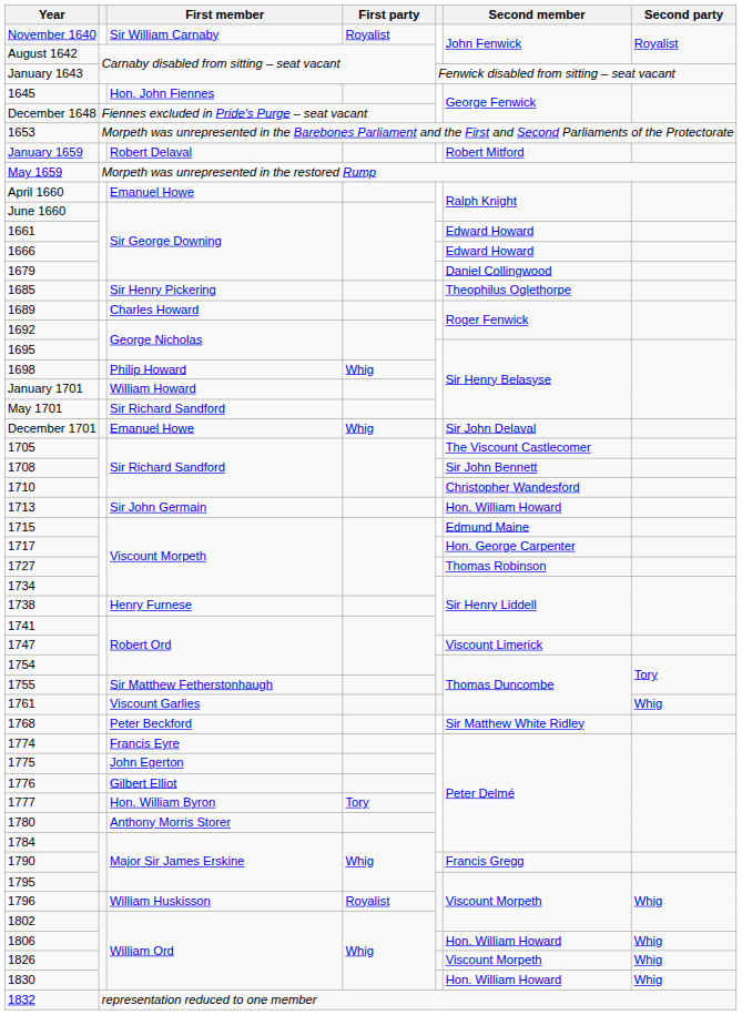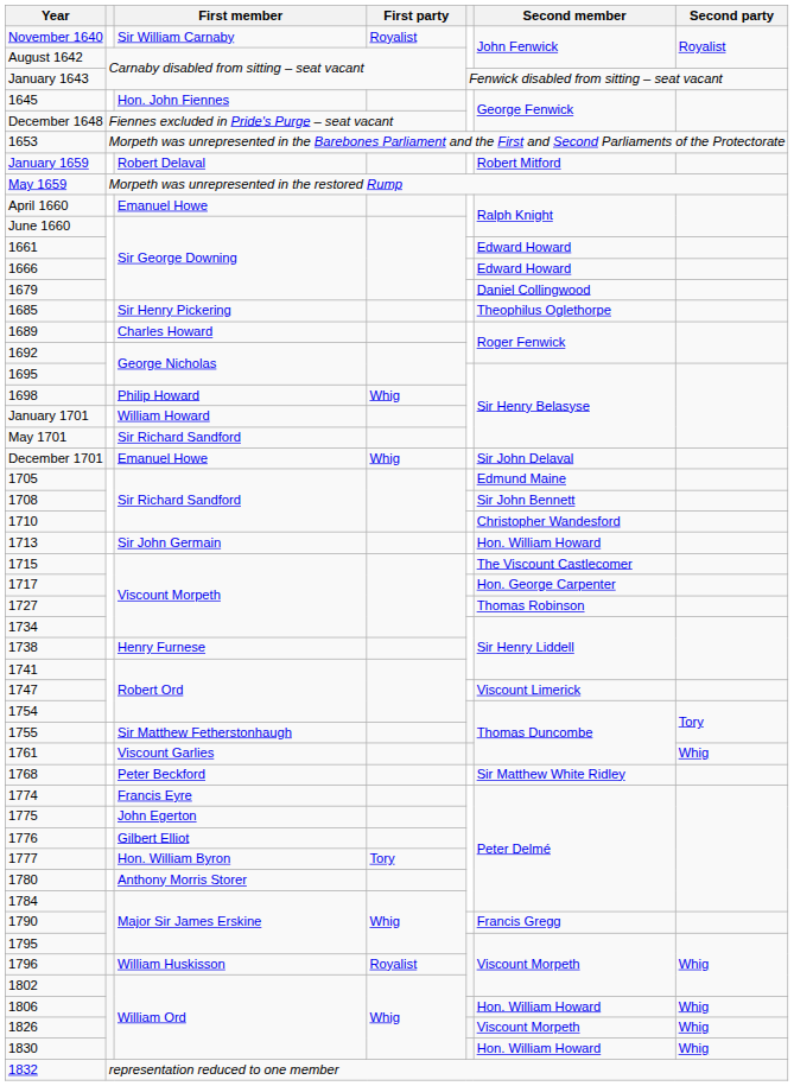 <table class="wikitable">
 <tr>
 <th>Year</th>
 <th></th>
 <th>First member</th>
 <th>First party</th>
 <th></th>
 <th>Second member</th>
 <th>Second party</th>
 </tr>
 <tr>
 <td><a href='#'>November 1640</a></td>
 <td style="color:inherit;background-color: white"></td>
 <td><a href='#'>Sir William Carnaby</a></td>
 <td><a href='#'>Royalist</a></td>
 <td rowspan="2" style="color:inherit;background-color: white"></td>
 <td rowspan="2"><a href='#'>John Fenwick</a></td>
 <td rowspan="2"><a href='#'>Royalist</a></td>
 </tr>
 <tr>
 <td>August 1642</td>
 <td rowspan="2" colspan="3"><em>Carnaby disabled from sitting – seat vacant</em></td>
 </tr>
 <tr>
 <td>January 1643</td>
 <td colspan="3"><em>Fenwick disabled from sitting – seat vacant</em></td>
 </tr>
 <tr>
 <td>1645</td>
 <td style="color:inherit;background-color: white"></td>
 <td><a href='#'>Hon. John Fiennes</a></td>
 <td></td>
 <td rowspan="2" style="color:inherit;background-color: white"></td>
 <td rowspan="2"><a href='#'>George Fenwick</a></td>
 <td rowspan="2"></td>
 </tr>
 <tr>
 <td>December 1648</td>
 <td colspan="3"><em>Fiennes excluded in <a href='#'>Pride's Purge</a> – seat vacant</em></td>
 </tr>
 <tr>
 <td>1653</td>
 <td colspan="6"><em>Morpeth was unrepresented in the <a href='#'>Barebones Parliament</a> and the <a href='#'>First</a> and <a href='#'>Second</a> Parliaments of the Protectorate</em></td>
 </tr>
 <tr>
 <td><a href='#'>January 1659</a></td>
 <td style="color:inherit;background-color: white"></td>
 <td><a href='#'>Robert Delaval</a></td>
 <td></td>
 <td style="color:inherit;background-color: white"></td>
 <td><a href='#'>Robert Mitford</a></td>
 <td></td>
 </tr>
 <tr>
 <td><a href='#'>May 1659</a></td>
 <td colspan="6"><em>Morpeth was unrepresented in the restored <a href='#'>Rump</a></em></td>
 </tr>
 <tr>
 <td>April 1660</td>
 <td style="color:inherit;background-color: white"></td>
 <td><a href='#'>Emanuel Howe</a></td>
 <td></td>
 <td rowspan="2" style="color:inherit;background-color: white"></td>
 <td rowspan="2"><a href='#'>Ralph Knight</a></td>
 <td rowspan="2"></td>
 </tr>
 <tr>
 <td>June 1660</td>
 <td rowspan="4" style="color:inherit;background-color: white"></td>
 <td rowspan="4"><a href='#'>Sir George Downing</a></td>
 <td rowspan="4"></td>
 </tr>
 <tr>
 <td>1661</td>
 <td style="color:inherit;background-color: white"></td>
 <td><a href='#'>Edward Howard</a></td>
 <td></td>
 </tr>
 <tr>
 <td>1666</td>
 <td style="color:inherit;background-color: white"></td>
 <td><a href='#'>Edward Howard</a></td>
 <td></td>
 </tr>
 <tr>
 <td>1679</td>
 <td style="color:inherit;background-color: white"></td>
 <td><a href='#'>Daniel Collingwood</a></td>
 <td></td>
 </tr>
 <tr>
 <td>1685</td>
 <td style="color:inherit;background-color: white"></td>
 <td><a href='#'>Sir Henry Pickering</a></td>
 <td></td>
 <td style="color:inherit;background-color: white"></td>
 <td><a href='#'>Theophilus Oglethorpe</a></td>
 <td></td>
 </tr>
 <tr>
 <td>1689</td>
 <td style="color:inherit;background-color: white"></td>
 <td><a href='#'>Charles Howard</a></td>
 <td></td>
 <td rowspan="2" style="color:inherit;background-color: white"></td>
 <td rowspan="2"><a href='#'>Roger Fenwick</a></td>
 <td rowspan="2"></td>
 </tr>
 <tr>
 <td>1692</td>
 <td rowspan="2" style="color:inherit;background-color: white"></td>
 <td rowspan="2"><a href='#'>George Nicholas</a></td>
 <td rowspan="2"></td>
 </tr>
 <tr>
 <td>1695</td>
 <td rowspan="4" style="color:inherit;background-color: white"></td>
 <td rowspan="4"><a href='#'>Sir Henry Belasyse</a></td>
 <td rowspan="4"></td>
 </tr>
 <tr>
 <td>1698</td>
 <td style="color:inherit;background-color: "></td>
 <td><a href='#'>Philip Howard</a></td>
 <td><a href='#'>Whig</a></td>
 </tr>
 <tr>
 <td>January 1701</td>
 <td style="color:inherit;background-color: white"></td>
 <td><a href='#'>William Howard</a></td>
 <td></td>
 </tr>
 <tr>
 <td>May 1701</td>
 <td style="color:inherit;background-color: white"></td>
 <td><a href='#'>Sir Richard Sandford</a></td>
 <td></td>
 </tr>
 <tr>
 <td>December 1701</td>
 <td style="color:inherit;background-color: "></td>
 <td><a href='#'>Emanuel Howe</a></td>
 <td><a href='#'>Whig</a></td>
 <td style="color:inherit;background-color: white"></td>
 <td><a href='#'>Sir John Delaval</a></td>
 <td></td>
 </tr>
 <tr>
 <td>1705</td>
 <td rowspan="3" style="color:inherit;background-color: white"></td>
 <td rowspan="3"><a href='#'>Sir Richard Sandford</a></td>
 <td rowspan="3"></td>
 <td style="color:inherit;background-color: white"></td>
-<td><a href='#'>The Viscount Castlecomer</a></td>
+<td><a href='#'>Edmund Maine</a></td>
 <td></td>
 </tr>
 <tr>
 <td>1708</td>
 <td style="color:inherit;background-color: white"></td>
 <td><a href='#'>Sir John Bennett</a></td>
 <td></td>
 </tr>
 <tr>
 <td>1710</td>
 <td style="color:inherit;background-color: white"></td>
 <td><a href='#'>Christopher Wandesford</a></td>
 <td></td>
 </tr>
 <tr>
 <td>1713</td>
 <td style="color:inherit;background-color: white"></td>
 <td><a href='#'>Sir John Germain</a></td>
 <td></td>
 <td style="color:inherit;background-color: white"></td>
 <td><a href='#'>Hon. William Howard</a></td>
 <td></td>
 </tr>
 <tr>
 <td>1715</td>
 <td rowspan="4" style="color:inherit;background-color: white"></td>
 <td rowspan="4"><a href='#'>Viscount Morpeth</a></td>
 <td rowspan="4"></td>
 <td style="color:inherit;background-color: white"></td>
-<td><a href='#'>Edmund Maine</a></td>
+<td><a href='#'>The Viscount Castlecomer</a></td>
 <td></td>
 </tr>
 <tr>
 <td>1717</td>
 <td style="color:inherit;background-color: white"></td>
 <td><a href='#'>Hon. George Carpenter</a></td>
 <td></td>
 </tr>
 <tr>
 <td>1727</td>
 <td style="color:inherit;background-color: white"></td>
 <td><a href='#'>Thomas Robinson</a></td>
 <td></td>
 </tr>
 <tr>
 <td>1734</td>
 <td rowspan="3" style="color:inherit;background-color: white"></td>
 <td rowspan="3"><a href='#'>Sir Henry Liddell</a></td>
 <td rowspan="3"></td>
 </tr>
 <tr>
 <td>1738</td>
 <td style="color:inherit;background-color: white"></td>
 <td><a href='#'>Henry Furnese</a></td>
 <td></td>
 </tr>
 <tr>
 <td>1741</td>
 <td rowspan="3" style="color:inherit;background-color: white"></td>
 <td rowspan="3"><a href='#'>Robert Ord</a></td>
 <td rowspan="3"></td>
 </tr>
 <tr>
 <td>1747</td>
 <td style="color:inherit;background-color: white"></td>
 <td><a href='#'>Viscount Limerick</a></td>
 <td></td>
 </tr>
 <tr>
 <td>1754</td>
 <td rowspan="2" style="color:inherit;background-color: "></td>
 <td rowspan="3"><a href='#'>Thomas Duncombe</a></td>
 <td rowspan="2"><a href='#'>Tory</a></td>
 </tr>
 <tr>
 <td>1755</td>
 <td style="color:inherit;background-color: white"></td>
 <td><a href='#'>Sir Matthew Fetherstonhaugh</a></td>
 <td></td>
 </tr>
 <tr>
 <td>1761</td>
 <td style="color:inherit;background-color: white"></td>
 <td><a href='#'>Viscount Garlies</a></td>
 <td></td>
 <td style="color:inherit;background-color: "></td>
 <td><a href='#'>Whig</a></td>
 </tr>
 <tr>
 <td>1768</td>
 <td style="color:inherit;background-color: white"></td>
 <td><a href='#'>Peter Beckford</a></td>
 <td></td>
 <td style="color:inherit;background-color: white"></td>
 <td><a href='#'>Sir Matthew White Ridley</a></td>
 <td></td>
 </tr>
 <tr>
 <td>1774</td>
 <td style="color:inherit;background-color: white"></td>
 <td><a href='#'>Francis Eyre</a></td>
 <td></td>
 <td rowspan="6" style="color:inherit;background-color: white"></td>
 <td rowspan="6"><a href='#'>Peter Delmé</a></td>
 <td rowspan="6"></td>
 </tr>
 <tr>
 <td>1775</td>
 <td style="color:inherit;background-color: white"></td>
 <td><a href='#'>John Egerton</a></td>
 <td></td>
 </tr>
 <tr>
 <td>1776</td>
 <td style="color:inherit;background-color: white"></td>
 <td><a href='#'>Gilbert Elliot</a></td>
 <td></td>
 </tr>
 <tr>
 <td>1777</td>
 <td style="color:inherit;background-color: "></td>
 <td><a href='#'>Hon. William Byron</a></td>
 <td><a href='#'>Tory</a></td>
 </tr>
 <tr>
 <td>1780</td>
 <td style="color:inherit;background-color: white"></td>
 <td><a href='#'>Anthony Morris Storer</a></td>
 <td></td>
 </tr>
 <tr>
 <td>1784</td>
 <td rowspan="3" style="color:inherit;background-color: "></td>
 <td rowspan="3"><a href='#'>Major Sir James Erskine</a></td>
 <td rowspan="3"><a href='#'>Whig</a></td>
 </tr>
 <tr>
 <td>1790</td>
 <td style="color:inherit;background-color: white"></td>
 <td><a href='#'>Francis Gregg</a></td>
 <td></td>
 </tr>
 <tr>
 <td>1795</td>
 <td rowspan="3" style="color:inherit;background-color: "></td>
 <td rowspan="3"><a href='#'>Viscount Morpeth</a></td>
 <td rowspan="3"><a href='#'>Whig</a></td>
 </tr>
 <tr>
 <td>1796</td>
 <td style="color:inherit;background-color: "></td>
 <td><a href='#'>William Huskisson</a></td>
 <td><a href='#'>Royalist</a></td>
 </tr>
 <tr>
 <td>1802</td>
 <td rowspan="4" style="color:inherit;background-color: "></td>
 <td rowspan="4"><a href='#'>William Ord</a></td>
 <td rowspan="4"><a href='#'>Whig</a></td>
 </tr>
 <tr>
 <td>1806</td>
 <td style="color:inherit;background-color: "></td>
 <td><a href='#'>Hon. William Howard</a></td>
 <td><a href='#'>Whig</a></td>
 </tr>
 <tr>
 <td>1826</td>
 <td style="color:inherit;background-color: "></td>
 <td><a href='#'>Viscount Morpeth</a></td>
 <td><a href='#'>Whig</a></td>
 </tr>
 <tr>
 <td>1830</td>
 <td style="color:inherit;background-color: "></td>
 <td><a href='#'>Hon. William Howard</a></td>
 <td><a href='#'>Whig</a></td>
 </tr>
 <tr>
 <td><a href='#'>1832</a></td>
 <td colspan="6"><em>representation reduced to one member</em></td>
 </tr>
 </table>
